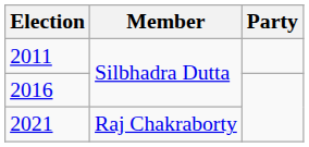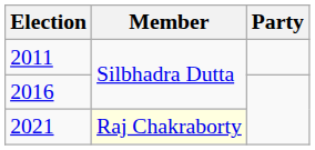 <table class="wikitable sortable"ìÍĦĤĠčw>
 <tr>
 <th>Election</th>
 <th>Member</th>
 <th colspan=2>Party</th>
 </tr>
 <tr>
 <td><a href='#'>2011</a></td>
 <td rowspan="2"><a href='#'>Silbhadra Dutta</a></td>
 <td></td>
 </tr>
 <tr>
 <td><a href='#'>2016</a></td>
 </tr>
 <tr>
 <td><a href='#'>2021</a></td>
-<td><a href='#'>Raj Chakraborty</a></td>
+<td style="background: lightyellow;"><a href='#'>Raj Chakraborty</a></td>
 </tr>
 </table>
